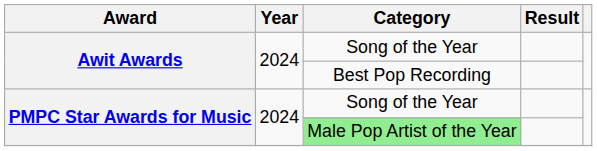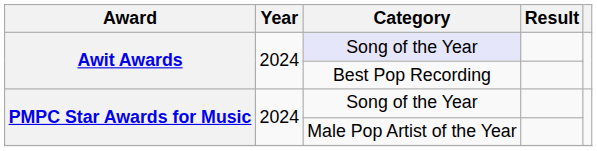 <table class="wikitable sortable plainrowheaders" style="text-align:center;">
 <tr>
 <th scope="col">Award</th>
 <th scope="col">Year</th>
 <th scope="col">Category</th>
 <th scope="col">Result</th>
 <th scope="col" class="unsortable"></th>
 </tr>
 <tr>
 <th scope="row" rowspan="2"><a href='#'>Awit Awards</a></th>
 <td rowspan="2">2024</td>
-<td>Song of the Year</td>
+<td style="background: lavender;">Song of the Year</td>
 <td></td>
 <td rowspan="2"></td>
 </tr>
 <tr>
 <td>Best Pop Recording</td>
 <td></td>
 </tr>
 <tr>
 <th scope="row" rowspan="2"><a href='#'>PMPC Star Awards for Music</a></th>
 <td rowspan="2">2024</td>
 <td>Song of the Year</td>
 <td></td>
 <td rowspan="2"></td>
 </tr>
 <tr>
-<td style="background: lightgreen;">Male Pop Artist of the Year</td>
+<td>Male Pop Artist of the Year</td>
 <td></td>
 </tr>
 <tr>
 </tr>
 </table>
